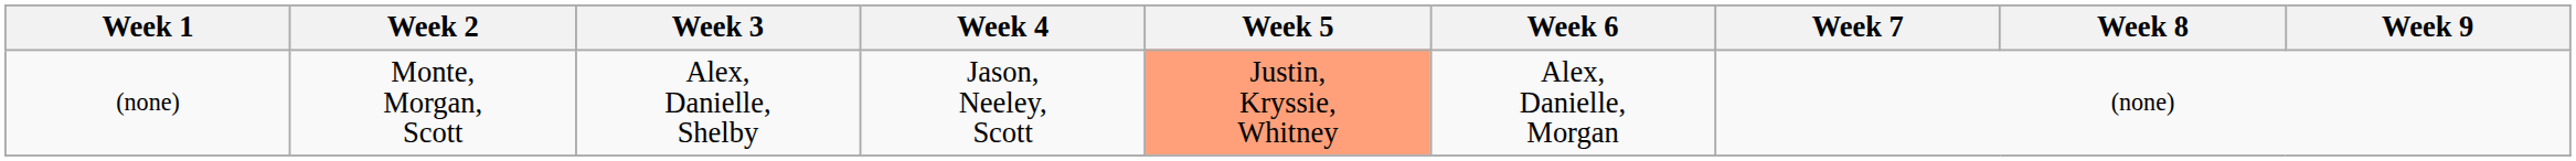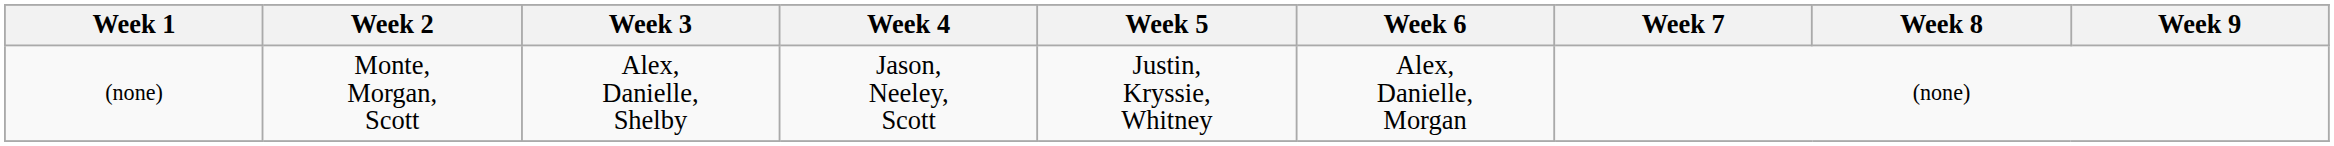 <table class="wikitable" style="text-align:center; font-size:90%; width:100%; line-height:15px;">
 <tr>
 <th style="width:7%">Week 1</th>
 <th style="width:7%">Week 2</th>
 <th style="width:7%">Week 3</th>
 <th style="width:7%">Week 4</th>
 <th style="width:7%">Week 5</th>
 <th style="width:7%">Week 6</th>
 <th style="width:7%">Week 7</th>
 <th style="width:7%">Week 8</th>
 <th style="width:7%">Week 9</th>
 </tr>
 <tr>
 <td><small>(none)</small></td>
 <td>Monte,<br>Morgan,<br>Scott</td>
 <td>Alex,<br>Danielle,<br>Shelby</td>
 <td>Jason,<br>Neeley,<br>Scott</td>
-<td style="background: lightsalmon;">Justin,<br>Kryssie,<br>Whitney</td>
+<td>Justin,<br>Kryssie,<br>Whitney</td>
 <td>Alex,<br>Danielle,<br>Morgan</td>
 <td colspan="3"><small>(none)</small></td>
 </tr>
 </table>
